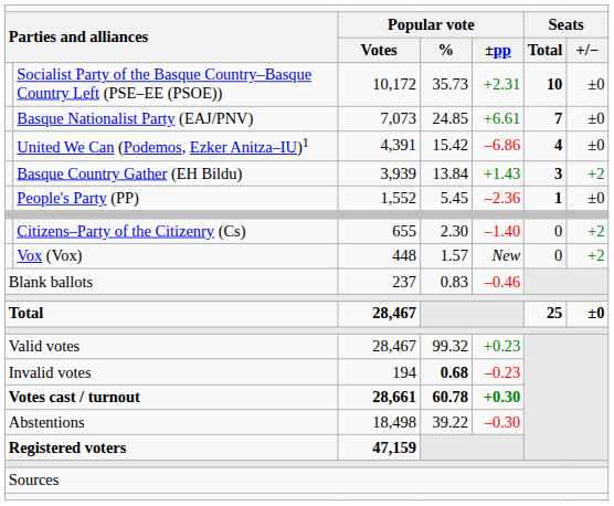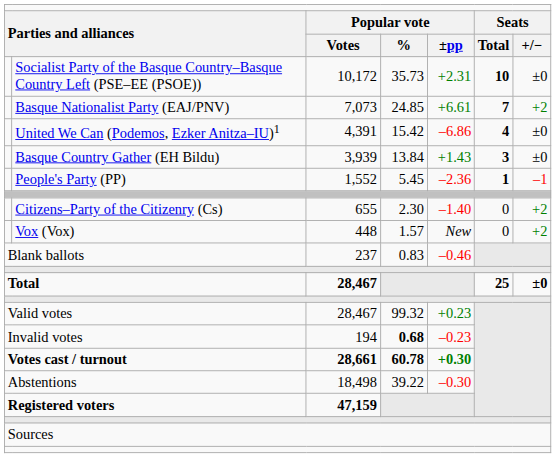 <table class="wikitable" style="text-align:right;">
 <tr>
 <td colspan="7"></td>
 </tr>
 <tr>
 <th style="text-align:left;" rowspan="2" colspan="2" width="525">Parties and alliances</th>
 <th colspan="3">Popular vote</th>
 <th colspan="2">Seats</th>
 </tr>
 <tr>
 <th width="75">Votes</th>
 <th width="45">%</th>
 <th width="45">±<a href='#'>pp</a></th>
 <th width="35">Total</th>
 <th width="35">+/−</th>
 </tr>
 <tr>
 <td width="1" style="color:inherit;background:"></td>
 <td align="left"><a href='#'>Socialist Party of the Basque Country–Basque Country Left</a> (PSE–EE (PSOE))</td>
 <td>10,172</td>
 <td>35.73</td>
 <td style="color:green;">+2.31</td>
 <td><strong>10</strong></td>
 <td>±0</td>
 </tr>
 <tr>
 <td style="color:inherit;background:"></td>
 <td align="left"><a href='#'>Basque Nationalist Party</a> (EAJ/PNV)</td>
 <td>7,073</td>
 <td>24.85</td>
 <td style="color:green;">+6.61</td>
 <td><strong>7</strong></td>
-<td>±0</td>
+<td style="color:green;">+2</td>
 </tr>
 <tr>
 <td style="color:inherit;background:"></td>
 <td align="left"><a href='#'>United We Can</a> (<a href='#'>Podemos</a>, <a href='#'>Ezker Anitza–IU</a>)<sup>1</sup></td>
 <td>4,391</td>
 <td>15.42</td>
 <td style="color:red;">–6.86</td>
 <td><strong>4</strong></td>
 <td>±0</td>
 </tr>
 <tr>
 <td style="color:inherit;background:"></td>
 <td align="left"><a href='#'>Basque Country Gather</a> (EH Bildu)</td>
 <td>3,939</td>
 <td>13.84</td>
 <td style="color:green;">+1.43</td>
 <td><strong>3</strong></td>
-<td style="color:green;">+2</td>
+<td>±0</td>
 </tr>
 <tr>
 <td style="color:inherit;background:"></td>
 <td align="left"><a href='#'>People's Party</a> (PP)</td>
 <td>1,552</td>
 <td>5.45</td>
 <td style="color:red;">–2.36</td>
 <td><strong>1</strong></td>
-<td>±0</td>
+<td style="color:red;">–1</td>
 </tr>
 <tr>
 <td colspan="7" bgcolor="#C0C0C0"></td>
 </tr>
 <tr>
 <td style="color:inherit;background:"></td>
 <td align="left"><a href='#'>Citizens–Party of the Citizenry</a> (Cs)</td>
 <td>655</td>
 <td>2.30</td>
 <td style="color:red;">–1.40</td>
 <td>0</td>
 <td style="color:green;">+2</td>
 </tr>
 <tr>
 <td style="color:inherit;background:"></td>
 <td align="left"><a href='#'>Vox</a> (Vox)</td>
 <td>448</td>
 <td>1.57</td>
 <td><em>New</em></td>
 <td>0</td>
 <td style="color:green;">+2</td>
 </tr>
 <tr>
 <td align="left" colspan="2">Blank ballots</td>
 <td>237</td>
 <td>0.83</td>
 <td style="color:red;">–0.46</td>
 <td bgcolor="#E9E9E9" colspan="2"></td>
 </tr>
 <tr>
 <td colspan="7" bgcolor="#E9E9E9"></td>
 </tr>
 <tr style="font-weight:bold;">
 <td align="left" colspan="2">Total</td>
 <td>28,467</td>
 <td bgcolor="#E9E9E9" colspan="2"></td>
 <td>25</td>
 <td>±0</td>
 </tr>
 <tr>
 <td colspan="7" bgcolor="#E9E9E9"></td>
 </tr>
 <tr>
 <td align="left" colspan="2">Valid votes</td>
 <td>28,467</td>
 <td>99.32</td>
 <td style="color:green;">+0.23</td>
 <td bgcolor="#E9E9E9" colspan="2" rowspan="5"></td>
 </tr>
 <tr>
 <td align="left" colspan="2">Invalid votes</td>
 <td>194</td>
 <td><strong>0.68</strong></td>
 <td style="color:red;">–0.23</td>
 </tr>
 <tr style="font-weight:bold;">
 <td align="left" colspan="2">Votes cast / turnout</td>
 <td>28,661</td>
 <td>60.78</td>
 <td style="color:green;">+0.30</td>
 </tr>
 <tr>
 <td align="left" colspan="2">Abstentions</td>
 <td>18,498</td>
 <td>39.22</td>
 <td style="color:red;">–0.30</td>
 </tr>
 <tr style="font-weight:bold;">
 <td align="left" colspan="2">Registered voters</td>
 <td>47,159</td>
 <td bgcolor="#E9E9E9" colspan="2"></td>
 </tr>
 <tr>
 <td colspan="7" bgcolor="#E9E9E9"></td>
 </tr>
 <tr>
 <td align="left" colspan="7">Sources</td>
 </tr>
 <tr>
 <td colspan="7" style="text-align:left; max-width:790px;"></td>
 </tr>
 </table>
